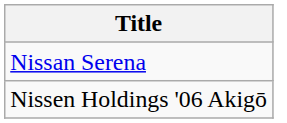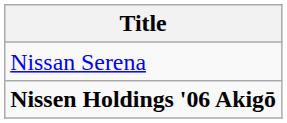 <table class="wikitable">
 <tr>
 <th>Title</th>
 </tr>
 <tr>
 <td><a href='#'>Nissan Serena</a></td>
 </tr>
 <tr>
-<td>Nissen Holdings '06 Akigō</td>
+<td><strong>Nissen Holdings '06 Akigō</strong></td>
 </tr>
 </table>
